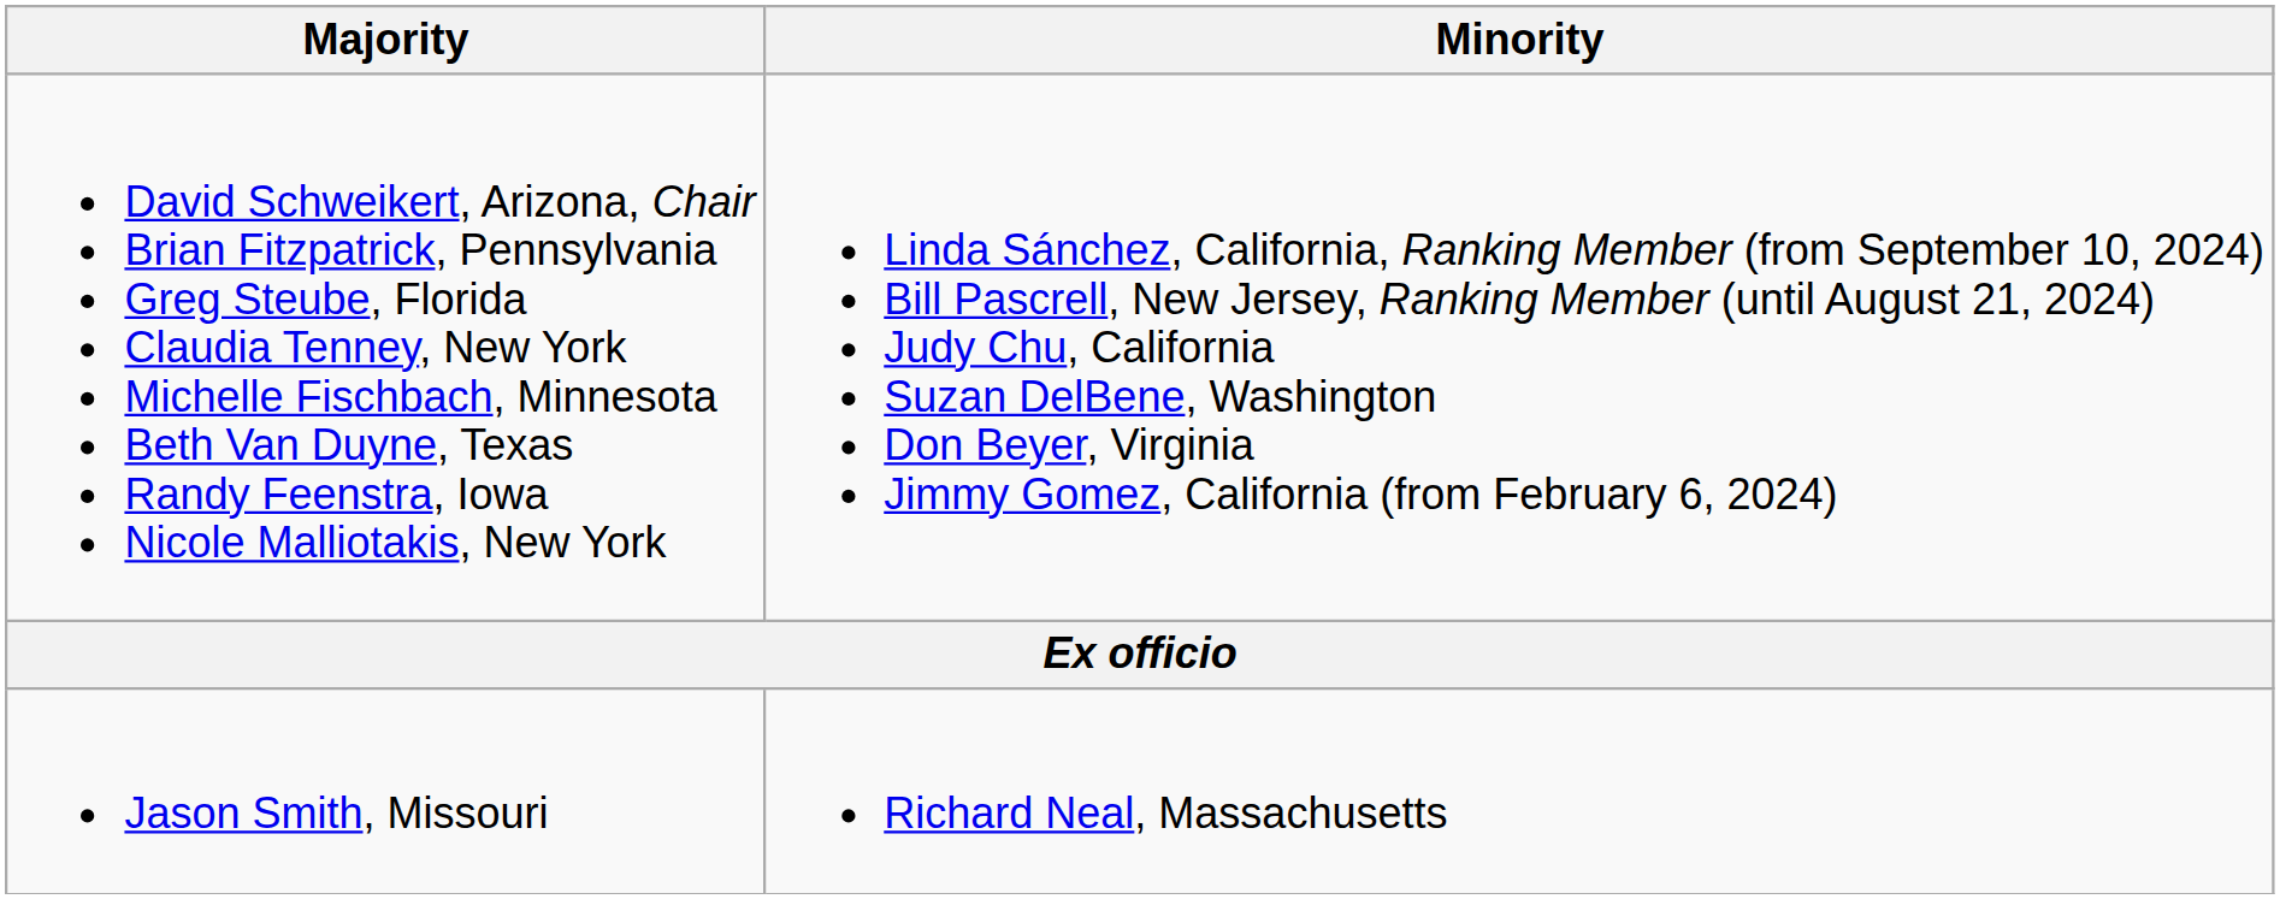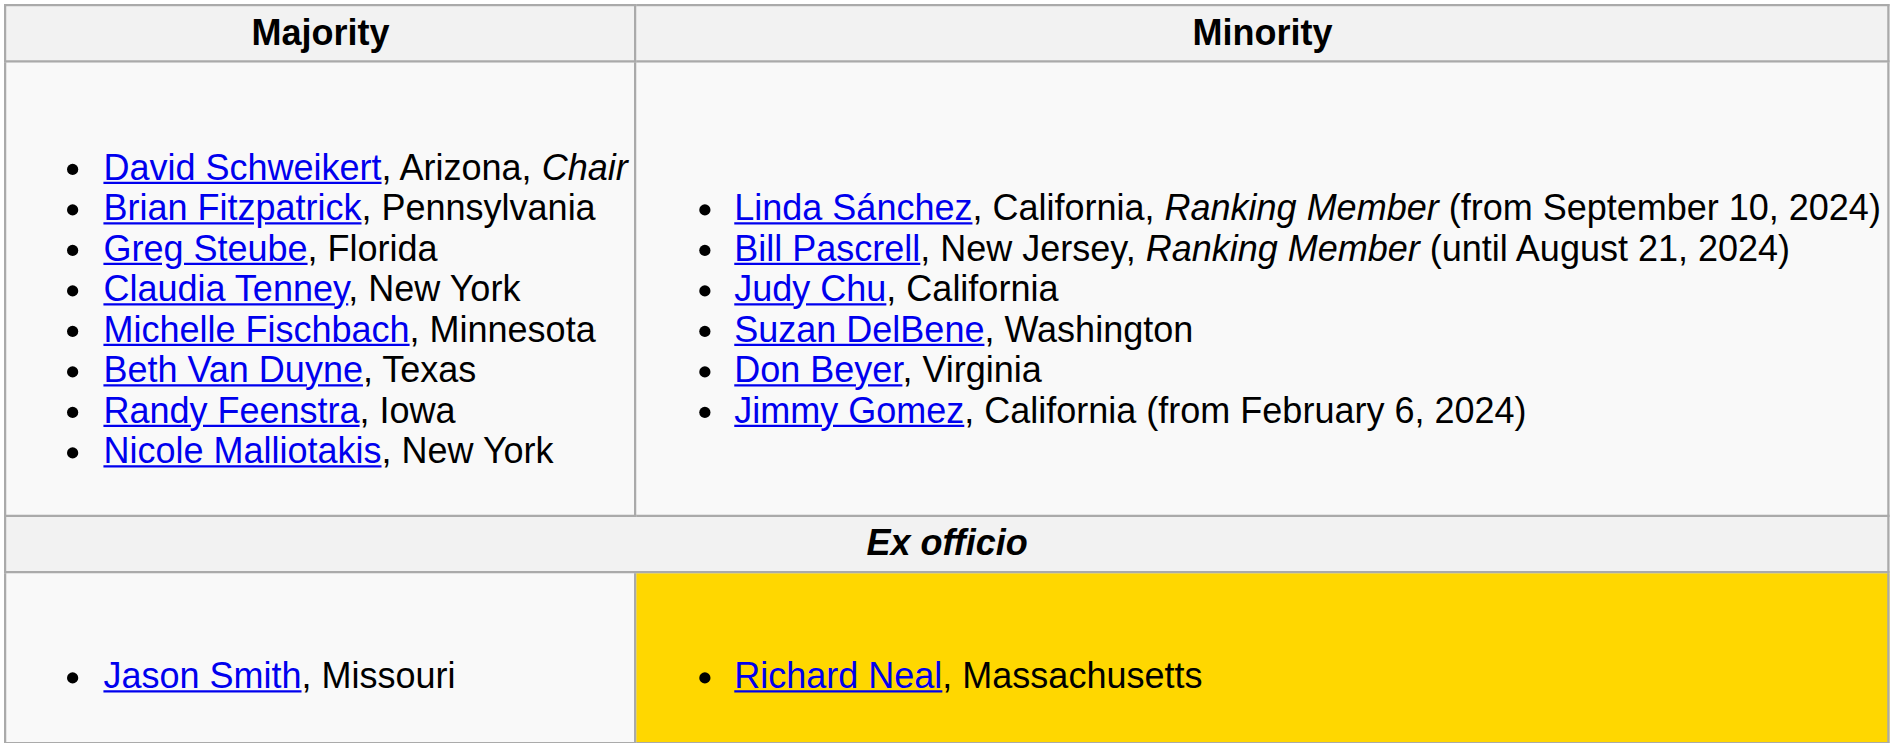 <table class=wikitable>
 <tr>
 <th>Majority</th>
 <th>Minority</th>
 </tr>
 <tr>
 <td><br><ul><li><a href='#'>David Schweikert</a>, Arizona, <em>Chair</em></li><li><a href='#'>Brian Fitzpatrick</a>, Pennsylvania</li><li><a href='#'>Greg Steube</a>, Florida</li><li><a href='#'>Claudia Tenney</a>, New York</li><li><a href='#'>Michelle Fischbach</a>, Minnesota</li><li><a href='#'>Beth Van Duyne</a>, Texas</li><li><a href='#'>Randy Feenstra</a>, Iowa</li><li><a href='#'>Nicole Malliotakis</a>, New York</li></ul></td>
 <td><br><ul><li><a href='#'>Linda Sánchez</a>, California, <em>Ranking Member</em> (from September 10, 2024)</li><li><a href='#'>Bill Pascrell</a>, New Jersey, <em>Ranking Member</em> (until August 21, 2024)</li><li><a href='#'>Judy Chu</a>, California</li><li><a href='#'>Suzan DelBene</a>, Washington</li><li><a href='#'>Don Beyer</a>, Virginia</li><li><a href='#'>Jimmy Gomez</a>, California (from February 6, 2024)</li></ul></td>
 </tr>
 <tr>
 <th colspan=2><em>Ex officio</em></th>
 </tr>
 <tr>
 <td><br><ul><li><a href='#'>Jason Smith</a>, Missouri</li></ul></td>
-<td><br><ul><li><a href='#'>Richard Neal</a>, Massachusetts</li></ul></td>
+<td style="background: gold;"><br><ul><li><a href='#'>Richard Neal</a>, Massachusetts</li></ul></td>
 </tr>
 </table>
